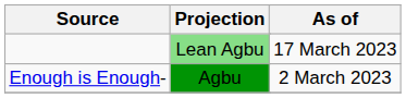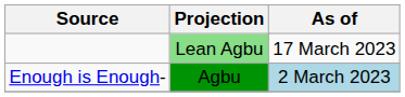 <table class="wikitable" style="text-align:center">
 <tr>
 <th>Source</th>
 <th colspan=2>Projection</th>
 <th>As of</th>
 </tr>
 <tr>
 <td align="left"></td>
 <td colspan=2 bgcolor=#87de87>Lean Agbu</td>
 <td>17 March 2023</td>
 </tr>
 <tr>
 <td align="left"><a href='#'>Enough is Enough</a>-<br></td>
 <td colspan=2 bgcolor=#009404>Agbu</td>
-<td>2 March 2023</td>
+<td style="background: lightblue;">2 March 2023</td>
 </tr>
 <tr>
 </tr>
 </table>
